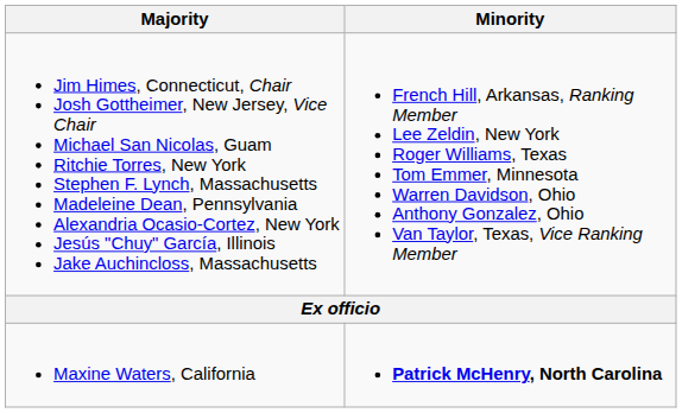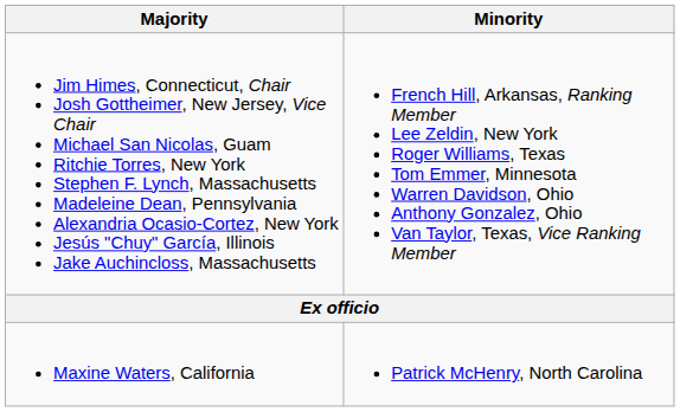 <table class=wikitable>
 <tr>
 <th>Majority</th>
 <th>Minority</th>
 </tr>
 <tr>
 <td><br><ul><li><a href='#'>Jim Himes</a>, Connecticut, <em>Chair</em></li><li><a href='#'>Josh Gottheimer</a>, New Jersey, <em>Vice Chair</em></li><li><a href='#'>Michael San Nicolas</a>, Guam</li><li><a href='#'>Ritchie Torres</a>, New York</li><li><a href='#'>Stephen F. Lynch</a>, Massachusetts</li><li><a href='#'>Madeleine Dean</a>, Pennsylvania</li><li><a href='#'>Alexandria Ocasio-Cortez</a>, New York</li><li><a href='#'>Jesús "Chuy" García</a>, Illinois</li><li><a href='#'>Jake Auchincloss</a>, Massachusetts</li></ul></td>
 <td><br><ul><li><a href='#'>French Hill</a>, Arkansas, <em>Ranking Member</em></li><li><a href='#'>Lee Zeldin</a>, New York</li><li><a href='#'>Roger Williams</a>, Texas</li><li><a href='#'>Tom Emmer</a>, Minnesota</li><li><a href='#'>Warren Davidson</a>, Ohio</li><li><a href='#'>Anthony Gonzalez</a>, Ohio</li><li><a href='#'>Van Taylor</a>, Texas, <em>Vice Ranking Member</em></li></ul></td>
 </tr>
 <tr>
 <th colspan=2><em>Ex officio</em></th>
 </tr>
 <tr>
 <td><br><ul><li><a href='#'>Maxine Waters</a>, California</li></ul></td>
-<td><strong><br><ul><li><a href='#'>Patrick McHenry</a>, North Carolina</li></ul></strong></td>
+<td><br><ul><li><a href='#'>Patrick McHenry</a>, North Carolina</li></ul></td>
 </tr>
 </table>
